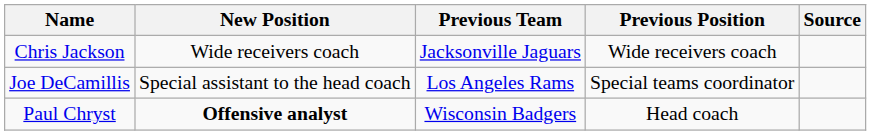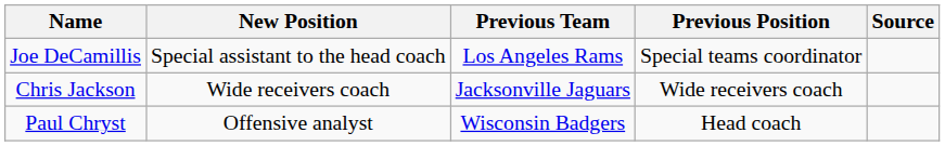 <table class="wikitable">
 <tr>
 <th style="text-align:center; ">Name</th>
 <th style="text-align:center; ">New Position</th>
 <th style="text-align:center; ">Previous Team</th>
 <th style="text-align:center; ">Previous Position</th>
 <th style="text-align:center; ">Source</th>
 </tr>
 <tr align="center">
+<td><a href='#'>Joe DeCamillis</a></td>
+<td>Special assistant to the head coach</td>
+<td><a href='#'>Los Angeles Rams</a></td>
+<td>Special teams coordinator</td>
+<td></td>
+</tr>
+<tr align="center">
 <td><a href='#'>Chris Jackson</a></td>
 <td>Wide receivers coach</td>
 <td><a href='#'>Jacksonville Jaguars</a></td>
 <td>Wide receivers coach</td>
 <td></td>
 </tr>
 <tr align="center">
-<td><a href='#'>Joe DeCamillis</a></td>
-<td>Special assistant to the head coach</td>
-<td><a href='#'>Los Angeles Rams</a></td>
-<td>Special teams coordinator</td>
-<td></td>
-</tr>
-<tr align="center">
 <td><a href='#'>Paul Chryst</a></td>
-<td><strong>Offensive analyst</strong></td>
+<td>Offensive analyst</td>
 <td><a href='#'>Wisconsin Badgers</a></td>
 <td>Head coach</td>
 <td></td>
 </tr>
 </table>
